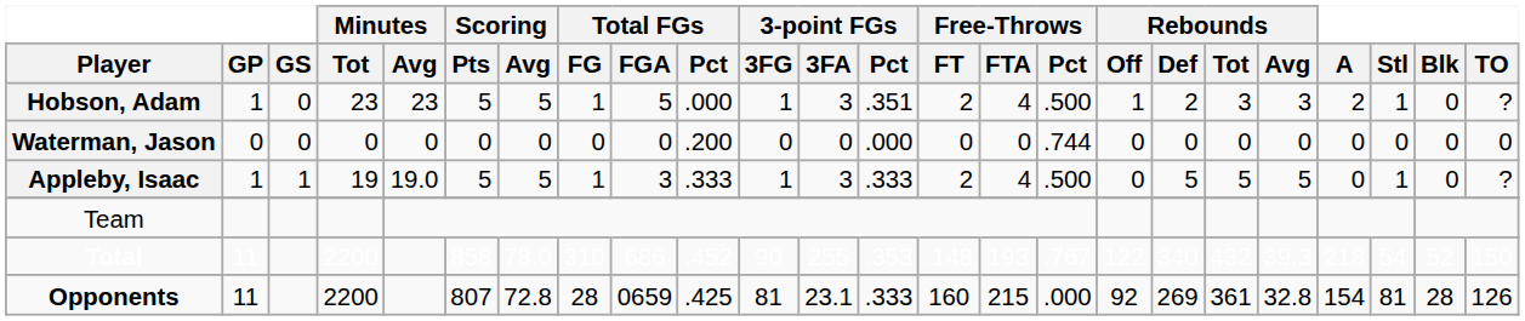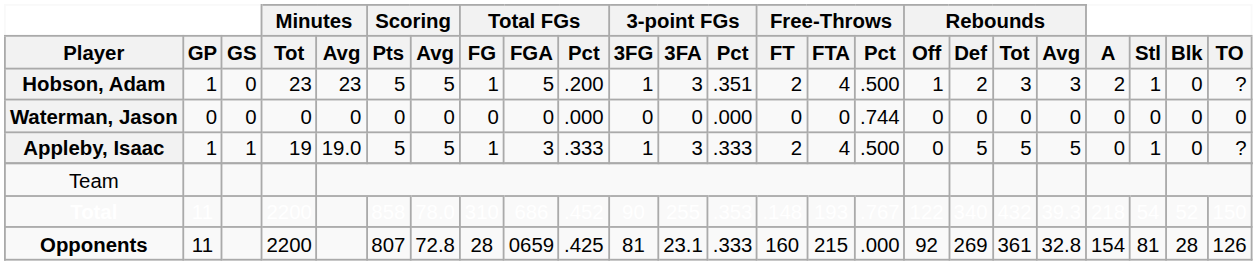 <table class="wikitable sortable" style="font-size:70%;">
 <tr>
 <th colspan="3" style="border-top-style:hidden; border-left-style:hidden; background: white;"></th>
 <th colspan="2" style="background:#">Minutes</th>
 <th colspan="2" style="background:#">Scoring</th>
 <th colspan="3" style="background:#">Total FGs</th>
 <th colspan="3" style="background:#">3-point FGs</th>
 <th colspan="3" style="background:#">Free-Throws</th>
 <th colspan="4" style="background:#">Rebounds</th>
 <th colspan="4" style="border-top-style:hidden; border-right-style:hidden; background: white;"></th>
 </tr>
 <tr>
 <th scope="col" style="background:#">Player</th>
 <th scope="col" style="background:#">GP</th>
 <th scope="col" style="background:#">GS</th>
 <th scope="col" style="background:#">Tot</th>
 <th scope="col" style="background:#">Avg</th>
 <th scope="col" style="background:#">Pts</th>
 <th scope="col" style="background:#">Avg</th>
 <th scope="col" style="background:#">FG</th>
 <th scope="col" style="background:#">FGA</th>
 <th scope="col" style="background:#">Pct</th>
 <th scope="col" style="background:#">3FG</th>
 <th scope="col" style="background:#">3FA</th>
 <th scope="col" style="background:#">Pct</th>
 <th scope="col" style="background:#">FT</th>
 <th scope="col" style="background:#">FTA</th>
 <th scope="col" style="background:#">Pct</th>
 <th scope="col" style="background:#">Off</th>
 <th scope="col" style="background:#">Def</th>
 <th scope="col" style="background:#">Tot</th>
 <th scope="col" style="background:#">Avg</th>
 <th scope="col" style="background:#">A</th>
 <th scope="col" style="background:#">Stl</th>
 <th scope="col" style="background:#">Blk</th>
 <th scope="col" style="background:#">TO</th>
 </tr>
 <tr>
 <th style=white-space:nowrap>Hobson, Adam</th>
 <td style="text-align:right;">1</td>
 <td style="text-align:right;">0</td>
 <td style="text-align:right;">23</td>
 <td style="text-align:right;">23</td>
 <td style="text-align:right;">5</td>
 <td style="text-align:right;">5</td>
 <td style="text-align:right;">1</td>
 <td style="text-align:right;">5</td>
-<td style="text-align:right;">.000</td>
+<td style="text-align:right;">.200</td>
 <td style="text-align:right;">1</td>
 <td style="text-align:right;">3</td>
 <td>.351</td>
 <td style="text-align:right;">2</td>
 <td style="text-align:right;">4</td>
 <td style="text-align:right;">.500</td>
 <td style="text-align:right;">1</td>
 <td style="text-align:right;">2</td>
 <td style="text-align:right;">3</td>
 <td style="text-align:right;">3</td>
 <td style="text-align:right;">2</td>
 <td style="text-align:right;">1</td>
 <td style="text-align:right;">0</td>
 <td style="text-align:right;">?</td>
 </tr>
 <tr>
 <th style=white-space:nowrap>Waterman, Jason</th>
 <td style="text-align:right;">0</td>
 <td style="text-align:right;">0</td>
 <td style="text-align:right;">0</td>
 <td style="text-align:right;">0</td>
 <td style="text-align:right;">0</td>
 <td style="text-align:right;">0</td>
 <td style="text-align:right;">0</td>
 <td style="text-align:right;">0</td>
-<td style="text-align:right;">.200</td>
+<td style="text-align:right;">.000</td>
 <td style="text-align:right;">0</td>
 <td style="text-align:right;">0</td>
 <td style="text-align:right;">.000</td>
 <td style="text-align:right;">0</td>
 <td style="text-align:right;">0</td>
 <td>.744</td>
 <td style="text-align:right;">0</td>
 <td style="text-align:right;">0</td>
 <td style="text-align:right;">0</td>
 <td style="text-align:right;">0</td>
 <td style="text-align:right;">0</td>
 <td style="text-align:right;">0</td>
 <td style="text-align:right;">0</td>
 <td style="text-align:right;">0</td>
 </tr>
 <tr>
 <th style=white-space:nowrap>Appleby, Isaac</th>
 <td style="text-align:right;">1</td>
 <td style="text-align:right;">1</td>
 <td style="text-align:right;">19</td>
 <td style="text-align:right;">19.0</td>
 <td style="text-align:right;">5</td>
 <td style="text-align:right;">5</td>
 <td style="text-align:right;">1</td>
 <td style="text-align:right;">3</td>
 <td style="text-align:right;">.333</td>
 <td style="text-align:right;">1</td>
 <td style="text-align:right;">3</td>
 <td style="text-align:right;">.333</td>
 <td style="text-align:right;">2</td>
 <td style="text-align:right;">4</td>
 <td style="text-align:right;">.500</td>
 <td style="text-align:right;">0</td>
 <td style="text-align:right;">5</td>
 <td style="text-align:right;">5</td>
 <td style="text-align:right;">5</td>
 <td style="text-align:right;">0</td>
 <td style="text-align:right;">1</td>
 <td style="text-align:right;">0</td>
 <td style="text-align:right;">?</td>
 </tr>
 <tr>
 </tr>
 <tr class="sortbottom">
 <td style="text-align:center;">Team</td>
 <td style="text-align:right;"></td>
 <td style="text-align:right;"></td>
 <td style="text-align:right;"></td>
 <td style="text-align:right; border-right-style:hidden;"></td>
 <td style="text-align:right; border-right-style:hidden;"></td>
 <td style="text-align:right; border-right-style:hidden;"></td>
 <td style="text-align:right; border-right-style:hidden;"></td>
 <td style="text-align:right; border-right-style:hidden;"></td>
 <td style="text-align:right; border-right-style:hidden;"></td>
 <td style="text-align:right; border-right-style:hidden;"></td>
 <td style="text-align:right; border-right-style:hidden;"></td>
 <td style="text-align:right; border-right-style:hidden;"></td>
 <td style="text-align:right; border-right-style:hidden;"></td>
 <td style="text-align:right; border-right-style:hidden;"></td>
 <td style="text-align:right;"></td>
 <td style="text-align:right;"></td>
 <td style="text-align:right;"></td>
 <td style="text-align:right;"></td>
 <td style="text-align:right;"></td>
 <td style="text-align:right; border-right-style:hidden;"></td>
 <td style="text-align:right;"></td>
 <td style="text-align:right; border-right-style:hidden;"></td>
 <td style="text-align:right;"></td>
 </tr>
 <tr class="sortbottom" style="color:#ffffff;" style="background:#">
 <td style="text-align:center;color:#ffffff;"><strong>Total</strong></td>
 <td style="text-align:center; color:#fff;">11</td>
 <td align="center" style="background:#"></td>
 <td align="center" style="background:#">2200</td>
 <td align="center" style="background:#"></td>
 <td align="center" style="background:#">858</td>
 <td align="center" style="background:#">78.0</td>
 <td align="center" style="background:#">310</td>
 <td align="center" style="background:#">686</td>
 <td align="center" style="background:#">.452</td>
 <td align="center" style="background:#">90</td>
 <td align="center" style="background:#">255</td>
 <td align="center" style="background:#">.353</td>
 <td align="center" style="background:#">.148</td>
 <td align="center" style="background:#">193</td>
 <td align="center" style="background:#">.767</td>
 <td align="center" style="background:#">122</td>
 <td align="center" style="background:#">340</td>
 <td align="center" style="background:#">432</td>
 <td align="center" style="background:#">39.3</td>
 <td align="center" style="background:#">218</td>
 <td align="center" style="background:#">54</td>
 <td align="center" style="background:#">52</td>
 <td align="center" style="background:#">150</td>
 </tr>
 <tr class="sortbottom" style="text-align:center;">
 <td><strong>Opponents</strong></td>
 <td>11</td>
 <td style="text-align:center;"></td>
 <td>2200</td>
 <td style="text-align:center;"></td>
 <td>807</td>
 <td>72.8</td>
 <td>28</td>
 <td>0659</td>
 <td>.425</td>
 <td>81</td>
 <td>23.1</td>
 <td style="text-align:right;">.333</td>
 <td>160</td>
 <td>215</td>
 <td style="text-align:right;">.000</td>
 <td>92</td>
 <td>269</td>
 <td>361</td>
 <td>32.8</td>
 <td>154</td>
 <td>81</td>
 <td>28</td>
 <td>126</td>
 </tr>
 </table>
